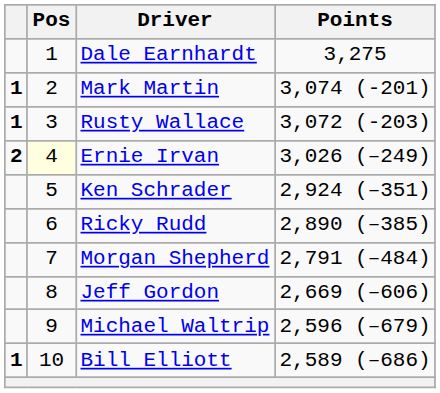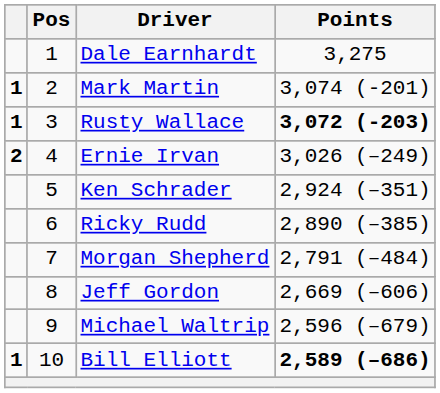 <table class="wikitable" style="font-size: 95%;">
 <tr>
 <th></th>
 <th>Pos</th>
 <th>Driver</th>
 <th>Points</th>
 </tr>
 <tr>
 <td align="left"></td>
 <td style="text-align:center;">1</td>
 <td><a href='#'>Dale Earnhardt</a></td>
 <td style="text-align:center;">3,275</td>
 </tr>
 <tr>
 <td align="left"> <strong>1</strong></td>
 <td style="text-align:center;">2</td>
 <td><a href='#'>Mark Martin</a></td>
 <td style="text-align:center;">3,074 (-201)</td>
 </tr>
 <tr>
 <td align="left"> <strong>1</strong></td>
 <td style="text-align:center;">3</td>
 <td><a href='#'>Rusty Wallace</a></td>
-<td style="text-align:center;">3,072 (-203)</td>
+<td style="text-align:center;"><strong>3,072 (-203)</strong></td>
 </tr>
 <tr>
 <td align="left"> <strong>2</strong></td>
-<td style="background: lightyellow; text-align:center;">4</td>
+<td style="text-align:center;">4</td>
 <td><a href='#'>Ernie Irvan</a></td>
 <td style="text-align:center;">3,026 (–249)</td>
 </tr>
 <tr>
 <td align="left"></td>
 <td style="text-align:center;">5</td>
 <td><a href='#'>Ken Schrader</a></td>
 <td style="text-align:center;">2,924 (–351)</td>
 </tr>
 <tr>
 <td align="left"></td>
 <td style="text-align:center;">6</td>
 <td><a href='#'>Ricky Rudd</a></td>
 <td style="text-align:center;">2,890 (–385)</td>
 </tr>
 <tr>
 <td align="left"></td>
 <td style="text-align:center;">7</td>
 <td><a href='#'>Morgan Shepherd</a></td>
 <td style="text-align:center;">2,791 (–484)</td>
 </tr>
 <tr>
 <td align="left"></td>
 <td style="text-align:center;">8</td>
 <td><a href='#'>Jeff Gordon</a></td>
 <td style="text-align:center;">2,669 (–606)</td>
 </tr>
 <tr>
 <td align="left"></td>
 <td style="text-align:center;">9</td>
 <td><a href='#'>Michael Waltrip</a></td>
 <td style="text-align:center;">2,596 (–679)</td>
 </tr>
 <tr>
 <td align="left"> <strong>1</strong></td>
 <td style="text-align:center;">10</td>
 <td><a href='#'>Bill Elliott</a></td>
-<td style="text-align:center;">2,589 (–686)</td>
+<td style="text-align:center;"><strong>2,589 (–686)</strong></td>
 </tr>
 <tr class="sortbottom">
 <th colspan="9"></th>
 </tr>
 </table>
